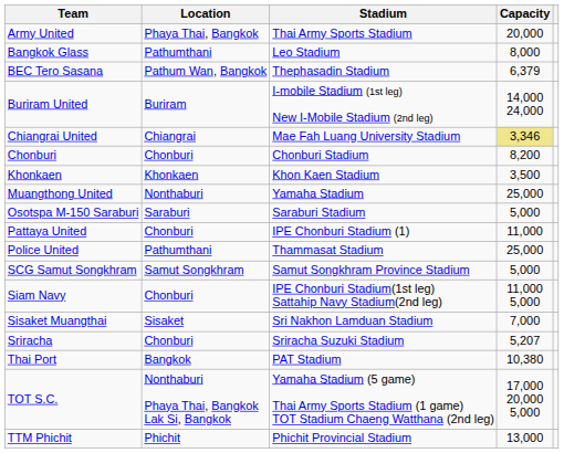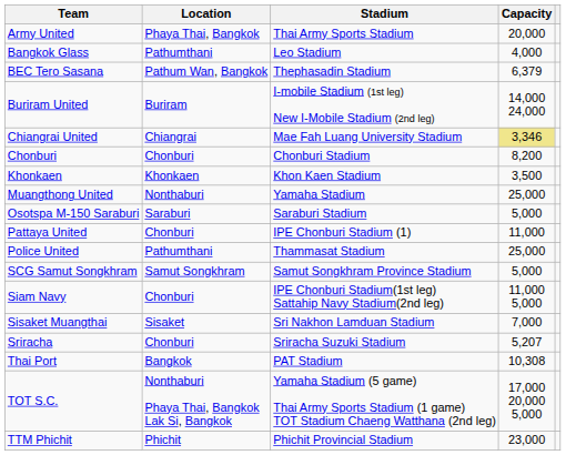 <table class="wikitable">
 <tr>
 <th>Team</th>
 <th>Location</th>
 <th>Stadium</th>
 <th>Capacity</th>
 <th class="unsortable"></th>
 </tr>
 <tr>
 <td><a href='#'>Army United</a></td>
 <td><a href='#'>Phaya Thai</a>, <a href='#'>Bangkok</a></td>
 <td><a href='#'>Thai Army Sports Stadium</a></td>
 <td align="center">20,000</td>
 <td></td>
 </tr>
 <tr>
 <td><a href='#'>Bangkok Glass</a></td>
 <td><a href='#'>Pathumthani</a></td>
 <td><a href='#'>Leo Stadium</a></td>
-<td align="center">8,000</td>
+<td align="center">4,000</td>
 <td></td>
 </tr>
 <tr>
 <td><a href='#'>BEC Tero Sasana</a></td>
 <td><a href='#'>Pathum Wan</a>, <a href='#'>Bangkok</a></td>
 <td><a href='#'>Thephasadin Stadium</a></td>
 <td align="center">6,379</td>
 <td></td>
 </tr>
 <tr>
 <td><a href='#'>Buriram United</a></td>
 <td><a href='#'>Buriram</a></td>
 <td><a href='#'>I-mobile Stadium</a> <small>(1st leg)</small><br><br><a href='#'>New I-Mobile Stadium</a> <small>(2nd leg)</small></td>
 <td align="center">14,000<br>24,000</td>
 <td><br></td>
 </tr>
 <tr>
 <td><a href='#'>Chiangrai United</a></td>
 <td><a href='#'>Chiangrai</a></td>
 <td><a href='#'>Mae Fah Luang University Stadium</a></td>
 <td align="center" style="background: khaki;">3,346</td>
 <td></td>
 </tr>
 <tr>
 <td><a href='#'>Chonburi</a></td>
 <td><a href='#'>Chonburi</a></td>
 <td><a href='#'>Chonburi Stadium</a></td>
 <td align="center">8,200</td>
 <td></td>
 </tr>
 <tr>
 <td><a href='#'>Khonkaen</a></td>
 <td><a href='#'>Khonkaen</a></td>
 <td><a href='#'>Khon Kaen Stadium</a></td>
 <td align="center">3,500</td>
 <td></td>
 </tr>
 <tr>
 <td><a href='#'>Muangthong United</a></td>
 <td><a href='#'>Nonthaburi</a></td>
 <td><a href='#'>Yamaha Stadium</a></td>
 <td align="center">25,000</td>
 <td></td>
 </tr>
 <tr>
 <td><a href='#'>Osotspa M-150 Saraburi</a></td>
 <td><a href='#'>Saraburi</a></td>
 <td><a href='#'>Saraburi Stadium</a></td>
 <td align="center">5,000</td>
 <td></td>
 </tr>
 <tr>
 <td><a href='#'>Pattaya United</a></td>
 <td><a href='#'>Chonburi</a></td>
 <td><a href='#'>IPE Chonburi Stadium</a> (1)</td>
 <td align="center">11,000</td>
 <td></td>
 </tr>
 <tr>
 <td><a href='#'>Police United</a></td>
 <td><a href='#'>Pathumthani</a></td>
 <td><a href='#'>Thammasat Stadium</a></td>
 <td align="center">25,000</td>
 <td></td>
 </tr>
 <tr>
 <td><a href='#'>SCG Samut Songkhram</a></td>
 <td><a href='#'>Samut Songkhram</a></td>
 <td><a href='#'>Samut Songkhram Province Stadium</a></td>
 <td align="center">5,000</td>
 <td></td>
 </tr>
 <tr>
 <td><a href='#'>Siam Navy</a></td>
 <td><a href='#'>Chonburi</a></td>
 <td><a href='#'>IPE Chonburi Stadium</a>(1st leg)<br><a href='#'>Sattahip Navy Stadium</a>(2nd leg)</td>
 <td align="center">11,000<br>5,000</td>
 <td><br></td>
 </tr>
 <tr>
 <td><a href='#'>Sisaket Muangthai</a></td>
 <td><a href='#'>Sisaket</a></td>
 <td><a href='#'>Sri Nakhon Lamduan Stadium</a></td>
 <td align="center">7,000</td>
 <td></td>
 </tr>
 <tr>
 <td><a href='#'>Sriracha</a></td>
 <td><a href='#'>Chonburi</a></td>
 <td><a href='#'>Sriracha Suzuki Stadium</a></td>
 <td align="center">5,207</td>
 <td></td>
 </tr>
 <tr>
 <td><a href='#'>Thai Port</a></td>
 <td><a href='#'>Bangkok</a></td>
 <td><a href='#'>PAT Stadium</a></td>
-<td align="center">10,380</td>
+<td align="center">10,308</td>
 <td></td>
 </tr>
 <tr>
 <td><a href='#'>TOT S.C.</a></td>
 <td><a href='#'>Nonthaburi</a><br><br><a href='#'>Phaya Thai</a>, <a href='#'>Bangkok</a><br> <a href='#'>Lak Si</a>, <a href='#'>Bangkok</a></td>
 <td><a href='#'>Yamaha Stadium</a> (5 game) <br><br><a href='#'>Thai Army Sports Stadium</a> (1 game)<br>   <a href='#'>TOT Stadium Chaeng Watthana</a> (2nd leg)</td>
 <td align="center">17,000<br>20,000<br>5,000</td>
 <td> <br> <br></td>
 </tr>
 <tr>
 <td><a href='#'>TTM Phichit</a></td>
 <td><a href='#'>Phichit</a></td>
 <td><a href='#'>Phichit Provincial Stadium</a></td>
-<td align="center">13,000</td>
+<td align="center">23,000</td>
 <td></td>
 </tr>
 </table>
